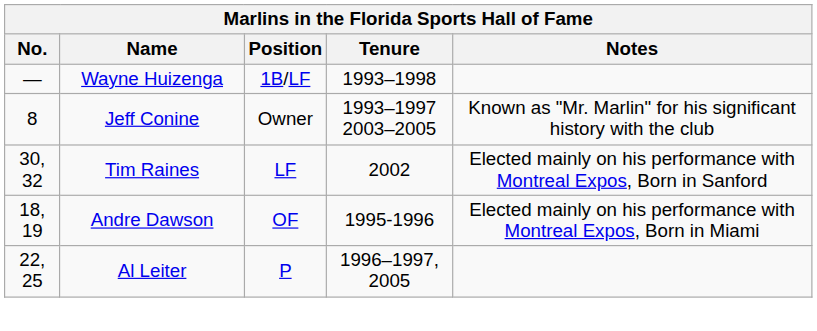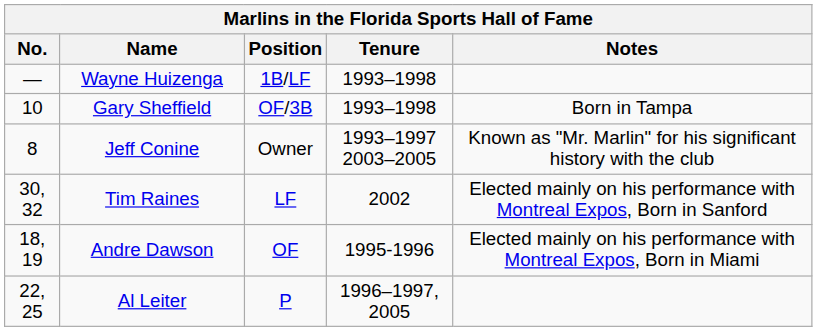 <table class="wikitable" style="text-align:center">
 <tr>
 <th colspan="5"><strong>Marlins in the Florida Sports Hall of Fame</strong></th>
 </tr>
 <tr>
 <th style="width:40px; ">No.</th>
 <th style="width:150px; ">Name</th>
 <th style="width:40px; ">Position</th>
 <th style="width:100px; ">Tenure</th>
 <th style="width:300px; ">Notes</th>
 </tr>
 <tr>
 <td>—</td>
 <td><a href='#'>Wayne Huizenga</a></td>
 <td><a href='#'>1B</a>/<a href='#'>LF</a></td>
 <td>1993–1998</td>
 <td></td>
+</tr>
+<tr>
+<td>10</td>
+<td><a href='#'>Gary Sheffield</a></td>
+<td><a href='#'>OF</a>/<a href='#'>3B</a></td>
+<td>1993–1998</td>
+<td>Born in Tampa</td>
 </tr>
 <tr>
 <td>8</td>
 <td><a href='#'>Jeff Conine</a></td>
 <td>Owner</td>
 <td>1993–1997<br>2003–2005</td>
 <td>Known as "Mr. Marlin" for his significant history with the club</td>
 </tr>
 <tr>
 <td>30, 32</td>
 <td><a href='#'>Tim Raines</a></td>
 <td><a href='#'>LF</a></td>
 <td>2002</td>
 <td>Elected mainly on his performance with <a href='#'>Montreal Expos</a>, Born in Sanford</td>
 </tr>
 <tr>
 <td>18, 19</td>
 <td><a href='#'>Andre Dawson</a></td>
 <td><a href='#'>OF</a></td>
 <td>1995-1996</td>
 <td>Elected mainly on his performance with <a href='#'>Montreal Expos</a>, Born in Miami</td>
 </tr>
 <tr>
 <td>22, 25</td>
 <td><a href='#'>Al Leiter</a></td>
 <td><a href='#'>P</a></td>
 <td>1996–1997, 2005</td>
 <td></td>
 </tr>
 </table>
